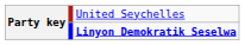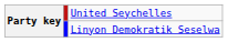 <table class=wikitable>
 <tr>
 <th rowspan=3>Party key</th>
 <td style="background:#c11313"></td>
 <td><a href='#'>United Seychelles</a></td>
 </tr>
 <tr>
 <td style="background:#0000FF"></td>
-<td><strong><a href='#'>Linyon Demokratik Seselwa</a></strong></td>
+<td><a href='#'>Linyon Demokratik Seselwa</a></td>
 </tr>
 </table>
